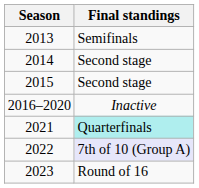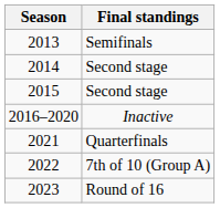 <table class="wikitable sortable">
 <tr>
 <th>Season</th>
 <th>Final standings</th>
 </tr>
 <tr>
 <td align=center>2013</td>
 <td>Semifinals </td>
 </tr>
 <tr>
 <td align=center>2014</td>
 <td>Second stage </td>
 </tr>
 <tr>
 <td align=center>2015</td>
 <td>Second stage </td>
 </tr>
 <tr>
 <td align=center>2016–2020</td>
 <td align=center><em>Inactive</em></td>
 </tr>
 <tr>
 <td align=center>2021</td>
-<td style="background: paleturquoise;">Quarterfinals</td>
+<td>Quarterfinals</td>
 </tr>
 <tr>
 <td align=center>2022</td>
-<td style="background: lavender;">7th of 10 (Group A)</td>
+<td>7th of 10 (Group A)</td>
 </tr>
 <tr>
 <td align=center>2023</td>
 <td>Round of 16</td>
 </tr>
 </table>
